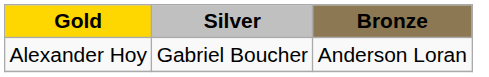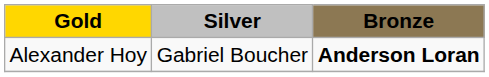 <table class="wikitable">
 <tr>
 <th style="background-color:#FFD700">Gold</th>
 <th style="background-color:#C0C0C0">Silver</th>
 <th style="background-color:#8C7853">Bronze</th>
 </tr>
 <tr>
 <td> Alexander Hoy</td>
 <td> Gabriel Boucher</td>
-<td> Anderson Loran</td>
+<td><strong> Anderson Loran</strong></td>
 </tr>
 <tr>
 </tr>
 </table>
